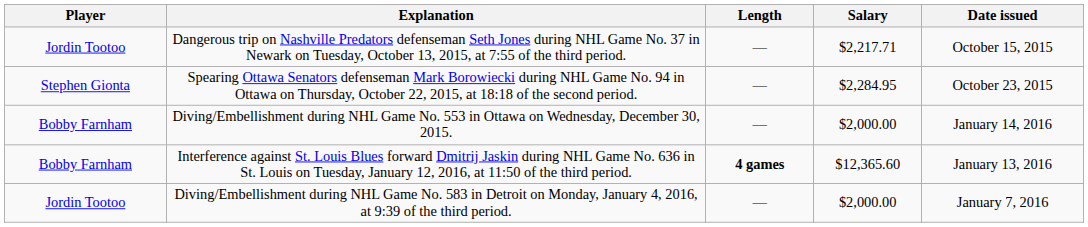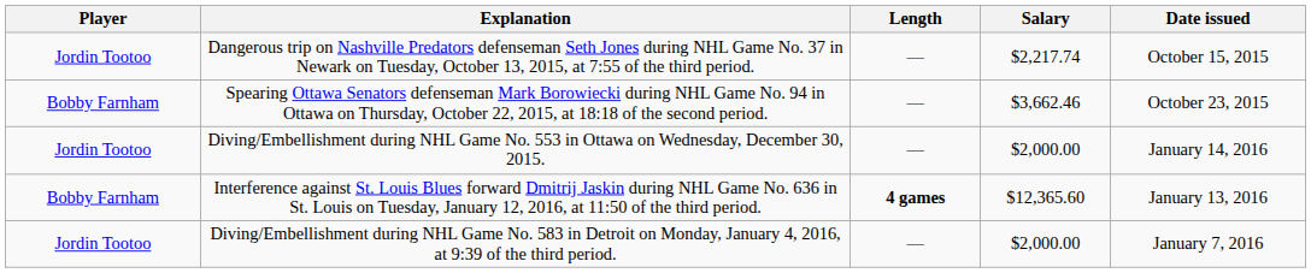 <table class="wikitable" style="width:75em; text-align:center;">
 <tr>
 <th style="width:15%;">Player</th>
 <th style="width:50%;">Explanation</th>
 <th style="width:10%;">Length</th>
 <th style="width:10%;">Salary</th>
 <th style="width:15%;">Date issued</th>
 </tr>
 <tr>
 <td><a href='#'>Jordin Tootoo</a></td>
 <td>Dangerous trip on <a href='#'>Nashville Predators</a> defenseman <a href='#'>Seth Jones</a> during NHL Game No. 37 in Newark on Tuesday, October 13, 2015, at 7:55 of the third period.</td>
 <td>—</td>
-<td>$2,217.71</td>
+<td>$2,217.74</td>
 <td>October 15, 2015</td>
 </tr>
 <tr>
-<td><a href='#'>Stephen Gionta</a></td>
+<td><a href='#'>Bobby Farnham</a></td>
 <td>Spearing <a href='#'>Ottawa Senators</a> defenseman <a href='#'>Mark Borowiecki</a> during NHL Game No. 94 in Ottawa on Thursday, October 22, 2015, at 18:18 of the second period.</td>
 <td>—</td>
-<td>$2,284.95</td>
+<td>$3,662.46</td>
 <td>October 23, 2015</td>
 </tr>
 <tr>
-<td><a href='#'>Bobby Farnham</a></td>
+<td><a href='#'>Jordin Tootoo</a></td>
 <td>Diving/Embellishment during NHL Game No. 553 in Ottawa on Wednesday, December 30, 2015.</td>
 <td>—</td>
 <td>$2,000.00</td>
 <td>January 14, 2016</td>
 </tr>
 <tr>
 <td><a href='#'>Bobby Farnham</a></td>
 <td>Interference against <a href='#'>St. Louis Blues</a> forward <a href='#'>Dmitrij Jaskin</a> during NHL Game No. 636 in St. Louis on Tuesday, January 12, 2016, at 11:50 of the third period.</td>
 <td><strong>4 games</strong></td>
 <td>$12,365.60</td>
 <td>January 13, 2016</td>
 </tr>
 <tr>
 <td><a href='#'>Jordin Tootoo</a></td>
 <td>Diving/Embellishment during NHL Game No. 583 in Detroit on Monday, January 4, 2016, at 9:39 of the third period.</td>
 <td>—</td>
 <td>$2,000.00</td>
 <td>January 7, 2016</td>
 </tr>
 </table>
